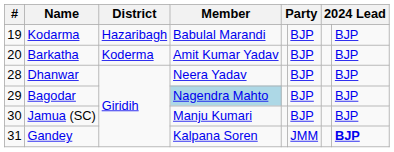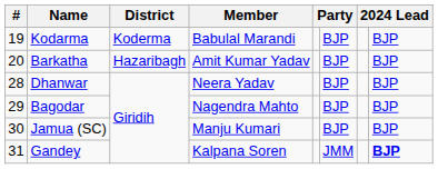 <table class="wikitable">
 <tr>
 <th>#</th>
 <th>Name</th>
 <th>District</th>
 <th>Member</th>
 <th colspan="2">Party</th>
 <th colspan="2">2024 Lead</th>
 </tr>
 <tr>
 <td>19</td>
 <td><a href='#'>Kodarma</a></td>
-<td><a href='#'>Hazaribagh</a></td>
+<td><a href='#'>Koderma</a></td>
 <td><a href='#'>Babulal Marandi</a></td>
 <td style="background-color: "></td>
 <td><a href='#'>BJP</a></td>
 <td style="background-color: "></td>
 <td><a href='#'>BJP</a></td>
 </tr>
 <tr>
 <td>20</td>
 <td><a href='#'>Barkatha</a></td>
-<td><a href='#'>Koderma</a></td>
+<td><a href='#'>Hazaribagh</a></td>
 <td><a href='#'>Amit Kumar Yadav</a></td>
 <td style="background-color: "></td>
 <td><a href='#'>BJP</a></td>
 <td style="background-color: "></td>
 <td><a href='#'>BJP</a></td>
 </tr>
 <tr>
 <td>28</td>
 <td><a href='#'>Dhanwar</a></td>
 <td rowspan="4"><a href='#'>Giridih</a></td>
 <td><a href='#'>Neera Yadav</a></td>
 <td style="background-color: "></td>
 <td><a href='#'>BJP</a></td>
 <td style="background-color: "></td>
 <td><a href='#'>BJP</a></td>
 </tr>
 <tr>
 <td>29</td>
 <td><a href='#'>Bagodar</a></td>
-<td style="background: lightblue;"><a href='#'>Nagendra Mahto</a></td>
+<td><a href='#'>Nagendra Mahto</a></td>
 <td style="background-color: "></td>
 <td><a href='#'>BJP</a></td>
 <td style="background-color: "></td>
 <td><a href='#'>BJP</a></td>
 </tr>
 <tr>
 <td>30</td>
 <td><a href='#'>Jamua</a> (SC)</td>
 <td><a href='#'>Manju Kumari</a></td>
 <td style="background-color: "></td>
 <td><a href='#'>BJP</a></td>
 <td style="background-color: "></td>
 <td><a href='#'>BJP</a></td>
 </tr>
 <tr>
 <td>31</td>
 <td><a href='#'>Gandey</a></td>
 <td><a href='#'>Kalpana Soren</a></td>
 <td style="background-color: "></td>
 <td><a href='#'>JMM</a></td>
 <td style="background-color: "></td>
 <td><strong><a href='#'>BJP</a></strong></td>
 </tr>
 </table>
